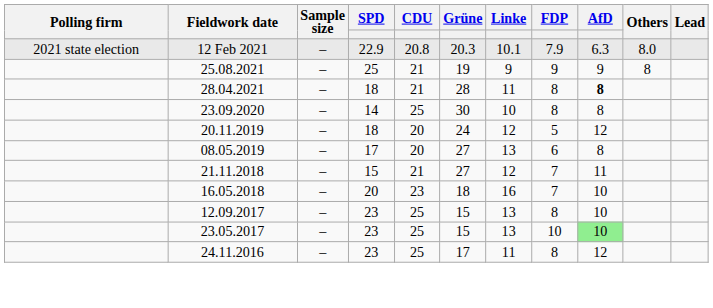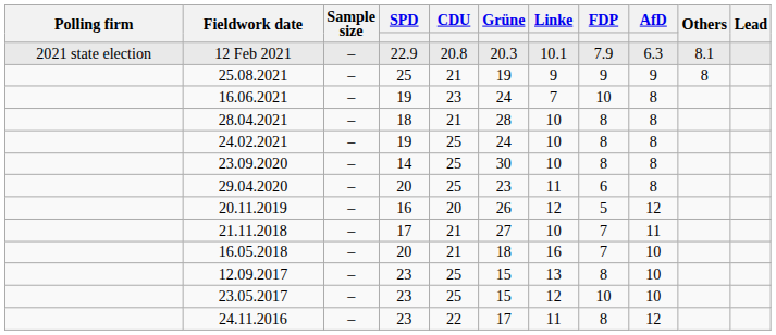 <table class="wikitable sortable" style="text-align:center;font-size:90%;line-height:14px;">
 <tr>
 <th rowspan="2" style="width:160px;">Polling firm</th>
 <th rowspan="2" style="width:125px;">Fieldwork date</th>
 <th rowspan="2" style="width:35px;">Sample<br>size</th>
 <th class="unsortable" style="width:40px;"><a href='#'>SPD</a></th>
 <th class="unsortable" style="width:40px;"><a href='#'>CDU</a></th>
 <th class="unsortable" style="width:40px;"><a href='#'>Grüne</a></th>
 <th class="unsortable" style="width:40px;"><a href='#'>Linke</a></th>
 <th class="unsortable" style="width:40px;"><a href='#'>FDP</a></th>
 <th class="unsortable" style="width:40px;"><a href='#'>AfD</a></th>
 <th rowspan="2" class="unsortable" style="width:40px;">Others</th>
 <th rowspan="2" style="width:30px;">Lead</th>
 </tr>
 <tr>
 <th style="background:"></th>
 <th style="background:"></th>
 <th style="background:"></th>
 <th style="background:"></th>
 <th style="background:"></th>
 <th style="background:"></th>
 </tr>
 <tr style="background:#E9E9E9;">
 <td>2021 state election</td>
 <td>12 Feb 2021</td>
 <td>–</td>
 <td>22.9</td>
 <td>20.8</td>
 <td>20.3</td>
 <td>10.1</td>
 <td>7.9</td>
 <td>6.3</td>
-<td>8.0</td>
+<td>8.1</td>
 <td style="background:"></td>
 </tr>
 <tr>
 <td></td>
 <td data-sort-value="2023-02-02">25.08.2021</td>
 <td>–</td>
 <td>25</td>
 <td>21</td>
 <td>19</td>
 <td>9</td>
 <td>9</td>
 <td>9</td>
 <td>8</td>
 <td style="background:"></td>
 </tr>
 <tr>
 <td></td>
+<td data-sort-value="2023-02-02">16.06.2021</td>
+<td>–</td>
+<td>19</td>
+<td>23</td>
+<td>24</td>
+<td>7</td>
+<td>10</td>
+<td>8</td>
+<td></td>
+<td style="background:"></td>
+</tr>
+<tr>
+<td></td>
 <td data-sort-value="2023-02-02">28.04.2021</td>
 <td>–</td>
 <td>18</td>
 <td>21</td>
 <td>28</td>
-<td>11</td>
+<td>10</td>
 <td>8</td>
-<td><strong>8</strong></td>
+<td>8</td>
+<td></td>
+<td style="background:"></td>
+</tr>
+<tr>
+<td></td>
+<td data-sort-value="2023-02-02">24.02.2021</td>
+<td>–</td>
+<td>19</td>
+<td>25</td>
+<td>24</td>
+<td>10</td>
+<td>8</td>
+<td>8</td>
 <td></td>
 <td style="background:"></td>
 </tr>
 <tr>
 <td></td>
 <td data-sort-value="2023-02-02">23.09.2020</td>
 <td>–</td>
 <td>14</td>
 <td>25</td>
 <td>30</td>
 <td>10</td>
 <td>8</td>
 <td>8</td>
 <td></td>
 <td style="background:"></td>
 </tr>
 <tr>
 <td></td>
+<td data-sort-value="2023-02-02">29.04.2020</td>
+<td>–</td>
+<td>20</td>
+<td>25</td>
+<td>23</td>
+<td>11</td>
+<td>6</td>
+<td>8</td>
+<td></td>
+<td style="background:"></td>
+</tr>
+<tr>
+<td></td>
 <td data-sort-value="2023-02-02">20.11.2019</td>
 <td>–</td>
-<td>18</td>
+<td>16</td>
 <td>20</td>
-<td>24</td>
+<td>26</td>
 <td>12</td>
 <td>5</td>
 <td>12</td>
 <td></td>
 <td style="background:"></td>
 </tr>
 <tr>
 <td></td>
-<td data-sort-value="2023-02-02">08.05.2019</td>
+<td data-sort-value="2023-02-02">21.11.2018</td>
 <td>–</td>
 <td>17</td>
-<td>20</td>
-<td>27</td>
-<td>13</td>
-<td>6</td>
-<td>8</td>
-<td></td>
-<td style="background:"></td>
-</tr>
-<tr>
-<td></td>
-<td data-sort-value="2023-02-02">21.11.2018</td>
-<td>–</td>
-<td>15</td>
 <td>21</td>
 <td>27</td>
-<td>12</td>
+<td>10</td>
 <td>7</td>
 <td>11</td>
 <td></td>
 <td style="background:"></td>
 </tr>
 <tr>
 <td></td>
 <td data-sort-value="2023-02-02">16.05.2018</td>
 <td>–</td>
 <td>20</td>
-<td>23</td>
+<td>21</td>
 <td>18</td>
 <td>16</td>
 <td>7</td>
 <td>10</td>
 <td></td>
 <td style="background:"></td>
 </tr>
 <tr>
 <td></td>
 <td data-sort-value="2023-02-02">12.09.2017</td>
 <td>–</td>
 <td>23</td>
 <td>25</td>
 <td>15</td>
 <td>13</td>
 <td>8</td>
 <td>10</td>
 <td></td>
 <td style="background:"></td>
 </tr>
 <tr>
 <td></td>
 <td data-sort-value="2023-02-02">23.05.2017</td>
 <td>–</td>
 <td>23</td>
 <td>25</td>
 <td>15</td>
-<td>13</td>
+<td>12</td>
 <td>10</td>
-<td style="background: lightgreen;">10</td>
+<td>10</td>
 <td></td>
 <td style="background:"></td>
 </tr>
 <tr>
 <td></td>
 <td data-sort-value="2023-02-02">24.11.2016</td>
 <td>–</td>
 <td>23</td>
-<td>25</td>
+<td>22</td>
 <td>17</td>
 <td>11</td>
 <td>8</td>
 <td>12</td>
 <td></td>
 <td style="background:"></td>
 </tr>
 </table>
